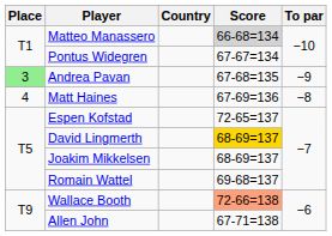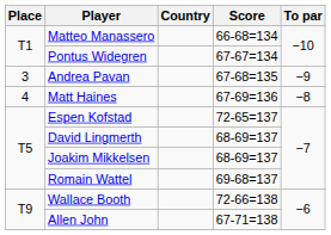 <table class="wikitable" style="font-size:95%;">
 <tr>
 <th>Place</th>
 <th>Player</th>
 <th>Country</th>
 <th>Score</th>
 <th>To par</th>
 </tr>
 <tr>
 <td rowspan="2" align="center">T1</td>
 <td><a href='#'>Matteo Manassero</a></td>
 <td></td>
-<td align=center style="background: lightgrey;">66-68=134</td>
+<td align=center>66-68=134</td>
 <td rowspan="2" align="center">−10</td>
 </tr>
 <tr>
 <td><a href='#'>Pontus Widegren</a></td>
 <td></td>
 <td align=center>67-67=134</td>
 </tr>
 <tr>
-<td align="center" style="background: lightgreen;">3</td>
+<td align="center">3</td>
 <td><a href='#'>Andrea Pavan</a></td>
 <td></td>
 <td align="center">67-68=135</td>
 <td align="center">−9</td>
 </tr>
 <tr>
 <td align="center">4</td>
 <td><a href='#'>Matt Haines</a></td>
 <td></td>
 <td align="center">67-69=136</td>
 <td align="center">−8</td>
 </tr>
 <tr>
 <td rowspan="4" align="center">T5</td>
 <td><a href='#'>Espen Kofstad</a></td>
 <td></td>
 <td align="center">72-65=137</td>
 <td rowspan="4" align="center">−7</td>
 </tr>
 <tr>
 <td><a href='#'>David Lingmerth</a></td>
 <td></td>
-<td align="center" style="background: gold;">68-69=137</td>
+<td align="center">68-69=137</td>
 </tr>
 <tr>
 <td><a href='#'>Joakim Mikkelsen</a></td>
 <td></td>
 <td align="center">68-69=137</td>
 </tr>
 <tr>
 <td><a href='#'>Romain Wattel</a></td>
 <td></td>
 <td>69-68=137</td>
 </tr>
 <tr>
 <td rowspan="2" align="center">T9</td>
 <td><a href='#'>Wallace Booth</a></td>
 <td></td>
-<td align=center style="background: lightsalmon;">72-66=138</td>
+<td align=center>72-66=138</td>
 <td rowspan="2" align="center">−6</td>
 </tr>
 <tr>
 <td><a href='#'>Allen John</a></td>
 <td></td>
 <td align=center>67-71=138</td>
 </tr>
 </table>
